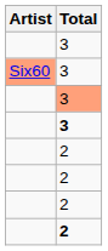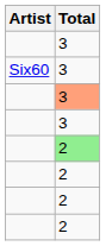 <table class="wikitable sortable" style="font-size:97%;">
 <tr>
 <th>Artist</th>
 <th>Total</th>
 </tr>
 <tr>
 <td></td>
 <td>3</td>
 </tr>
 <tr>
-<td style="background: lightsalmon;"><a href='#'>Six60</a></td>
+<td><a href='#'>Six60</a></td>
 <td>3</td>
 </tr>
 <tr>
 <td></td>
 <td style="background: lightsalmon;">3</td>
 </tr>
 <tr>
 <td></td>
-<td><strong>3</strong></td>
+<td>3</td>
+</tr>
+<tr>
+<td></td>
+<td style="background: lightgreen;">2</td>
 </tr>
 <tr>
 <td></td>
 <td>2</td>
 </tr>
 <tr>
 <td></td>
 <td>2</td>
 </tr>
 <tr>
 <td></td>
 <td>2</td>
 </tr>
-<tr>
-<td></td>
-<td><strong>2</strong></td>
-</tr>
 </table>
